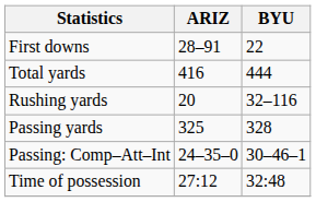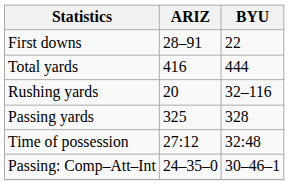 <table class="wikitable" style="float: left;">
 <tr>
 <th>Statistics</th>
 <th>ARIZ</th>
 <th>BYU</th>
 </tr>
 <tr>
 <td>First downs</td>
 <td>28–91</td>
 <td>22</td>
 </tr>
 <tr>
 <td>Total yards</td>
 <td>416</td>
 <td>444</td>
 </tr>
 <tr>
 <td>Rushing yards</td>
 <td>20</td>
 <td>32–116</td>
 </tr>
 <tr>
 <td>Passing yards</td>
 <td>325</td>
 <td>328</td>
 </tr>
 <tr>
+<td>Time of possession</td>
+<td>27:12</td>
+<td>32:48</td>
+</tr>
+<tr>
 <td>Passing: Comp–Att–Int</td>
 <td>24–35–0</td>
 <td>30–46–1</td>
 </tr>
 <tr>
-<td>Time of possession</td>
-<td>27:12</td>
-<td>32:48</td>
-</tr>
-<tr>
 </tr>
 </table>
